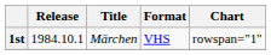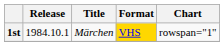 <table class="wikitable" style="font-size:small;">
 <tr>
 <th></th>
 <th>Release</th>
 <th>Title</th>
 <th>Format</th>
 <th>Chart</th>
 </tr>
 <tr>
 <th>1st</th>
 <td>1984.10.1</td>
 <td><em>Märchen</em></td>
-<td rowspan="1"><a href='#'>VHS</a></td>
+<td rowspan="1" style="background: gold;"><a href='#'>VHS</a></td>
 <td>rowspan="1"</td>
 </tr>
 <tr>
 </tr>
 </table>
